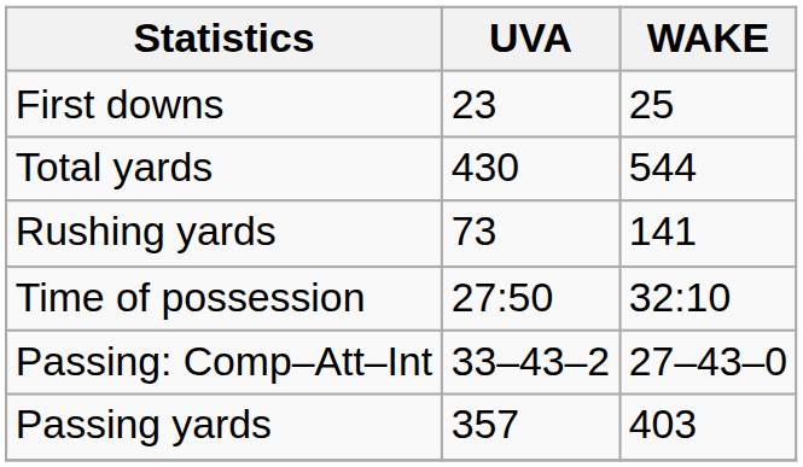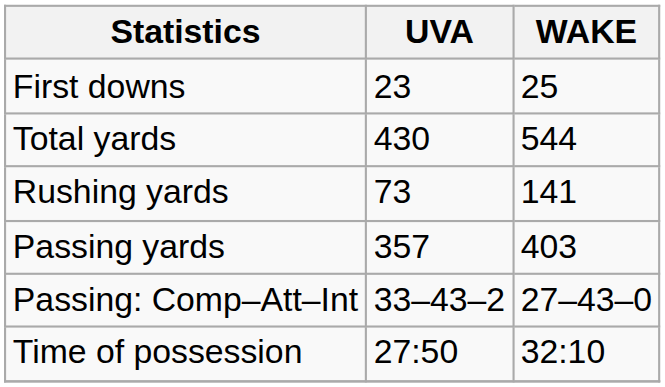 <table class="wikitable" style="float: left;">
 <tr>
 <th>Statistics</th>
 <th>UVA</th>
 <th>WAKE</th>
 </tr>
 <tr>
 <td>First downs</td>
 <td>23</td>
 <td>25</td>
 </tr>
 <tr>
 <td>Total yards</td>
 <td>430</td>
 <td>544</td>
 </tr>
 <tr>
 <td>Rushing yards</td>
 <td>73</td>
 <td>141</td>
 </tr>
 <tr>
-<td>Time of possession</td>
-<td>27:50</td>
-<td>32:10</td>
+<td>Passing yards</td>
+<td>357</td>
+<td>403</td>
 </tr>
 <tr>
 <td>Passing: Comp–Att–Int</td>
 <td>33–43–2</td>
 <td>27–43–0</td>
 </tr>
 <tr>
-<td>Passing yards</td>
-<td>357</td>
-<td>403</td>
+<td>Time of possession</td>
+<td>27:50</td>
+<td>32:10</td>
 </tr>
 <tr>
 </tr>
 </table>
